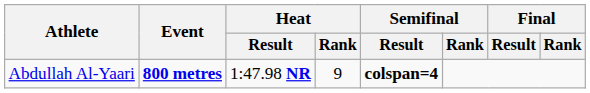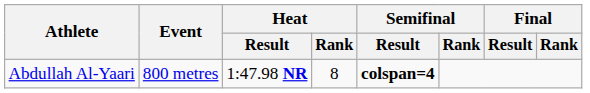 <table class="wikitable" style="font-size:90%">
 <tr>
 <th rowspan="2">Athlete</th>
 <th rowspan="2">Event</th>
 <th colspan="2">Heat</th>
 <th colspan="2">Semifinal</th>
 <th colspan="2">Final</th>
 </tr>
 <tr style="font-size:95%">
 <th>Result</th>
 <th>Rank</th>
 <th>Result</th>
 <th>Rank</th>
 <th>Result</th>
 <th>Rank</th>
 </tr>
 <tr align=center>
 <td align=left><a href='#'>Abdullah Al-Yaari</a></td>
-<td align=left><strong><a href='#'>800 metres</a></strong></td>
+<td align=left><a href='#'>800 metres</a></td>
 <td>1:47.98 <strong><a href='#'>NR</a></strong></td>
-<td>9</td>
+<td>8</td>
 <td><strong>colspan=4 </strong></td>
 </tr>
 </table>
